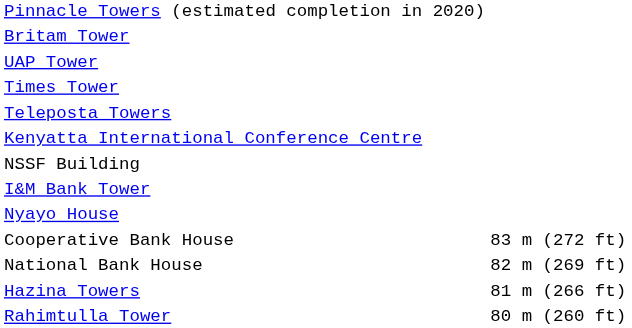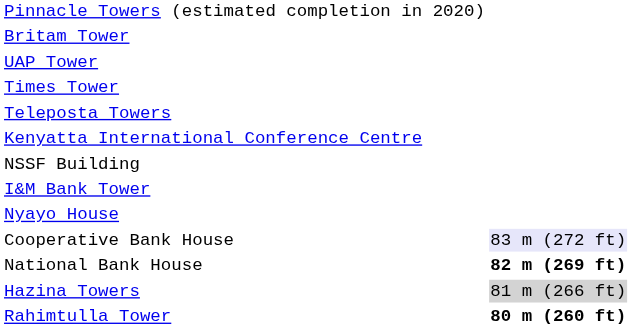 <table style="class=">
 <tr>
 <td><a href='#'>Pinnacle Towers</a> (estimated completion in 2020)</td>
 <td></td>
 </tr>
 <tr>
 <td><a href='#'>Britam Tower</a></td>
 <td></td>
 </tr>
 <tr>
 <td><a href='#'>UAP Tower</a></td>
 <td></td>
 </tr>
 <tr>
 <td><a href='#'>Times Tower</a></td>
 <td></td>
 </tr>
 <tr>
 <td><a href='#'>Teleposta Towers</a></td>
 <td></td>
 </tr>
 <tr>
 <td><a href='#'>Kenyatta International Conference Centre</a></td>
 <td></td>
 </tr>
 <tr>
 <td>NSSF Building</td>
 <td></td>
 </tr>
 <tr>
 <td><a href='#'>I&M Bank Tower</a></td>
 <td></td>
 </tr>
 <tr>
 <td><a href='#'>Nyayo House</a></td>
 <td></td>
 </tr>
 <tr>
 <td>Cooperative Bank House</td>
-<td>83 m (272 ft)</td>
+<td style="background: lavender;">83 m (272 ft)</td>
 </tr>
 <tr>
 <td>National Bank House</td>
-<td>82 m (269 ft)</td>
+<td><strong>82 m (269 ft)</strong></td>
 </tr>
 <tr>
 <td><a href='#'>Hazina Towers</a></td>
-<td>81 m (266 ft)</td>
+<td style="background: lightgrey;">81 m (266 ft)</td>
 </tr>
 <tr>
 <td><a href='#'>Rahimtulla Tower</a></td>
-<td>80 m (260 ft)</td>
+<td><strong>80 m (260 ft)</strong></td>
 </tr>
 </table>
